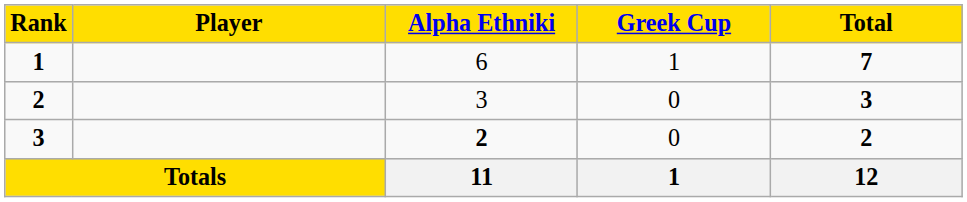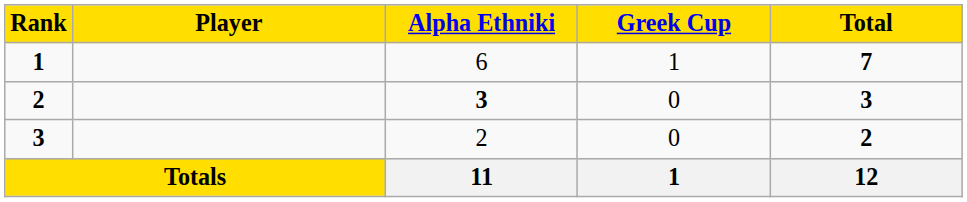 <table class="wikitable sortable" style="text-align:center">
 <tr>
 <th style="background:#FFDE00">Rank</th>
 <th width=200 style="background:#FFDE00">Player</th>
 <th width=120 style="background:#FFDE00"><a href='#'>Alpha Ethniki</a></th>
 <th width=120 style="background:#FFDE00"><a href='#'>Greek Cup</a></th>
 <th width=120 style="background:#FFDE00">Total</th>
 </tr>
 <tr>
 <td><strong>1</strong></td>
 <td align=left></td>
 <td>6</td>
 <td>1</td>
 <td><strong>7</strong></td>
 </tr>
 <tr>
 <td><strong>2</strong></td>
 <td align=left></td>
-<td>3</td>
+<td><strong>3</strong></td>
 <td>0</td>
 <td><strong>3</strong></td>
 </tr>
 <tr>
 <td><strong>3</strong></td>
 <td align=left></td>
-<td><strong>2</strong></td>
+<td>2</td>
 <td>0</td>
 <td><strong>2</strong></td>
 </tr>
 <tr class="sortbottom">
 <th colspan=2 style="background:#FFDE00"><strong>Totals</strong></th>
 <th><strong>11</strong></th>
 <th><strong> 1</strong></th>
 <th><strong>12</strong></th>
 </tr>
 </table>
